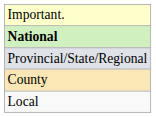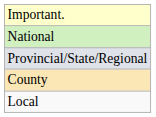 <table class="wikitable">
 <tr style="background:#ffc;">
 <td>Important.</td>
 </tr>
 <tr style="background:#d0f0c0">
-<td><strong>National</strong></td>
+<td>National</td>
 </tr>
 <tr style="background:#dfe2e9">
 <td>Provincial/State/Regional</td>
 </tr>
 <tr style="background:#fae7b5">
 <td>County</td>
 </tr>
 <tr>
 <td>Local</td>
 </tr>
 </table>
